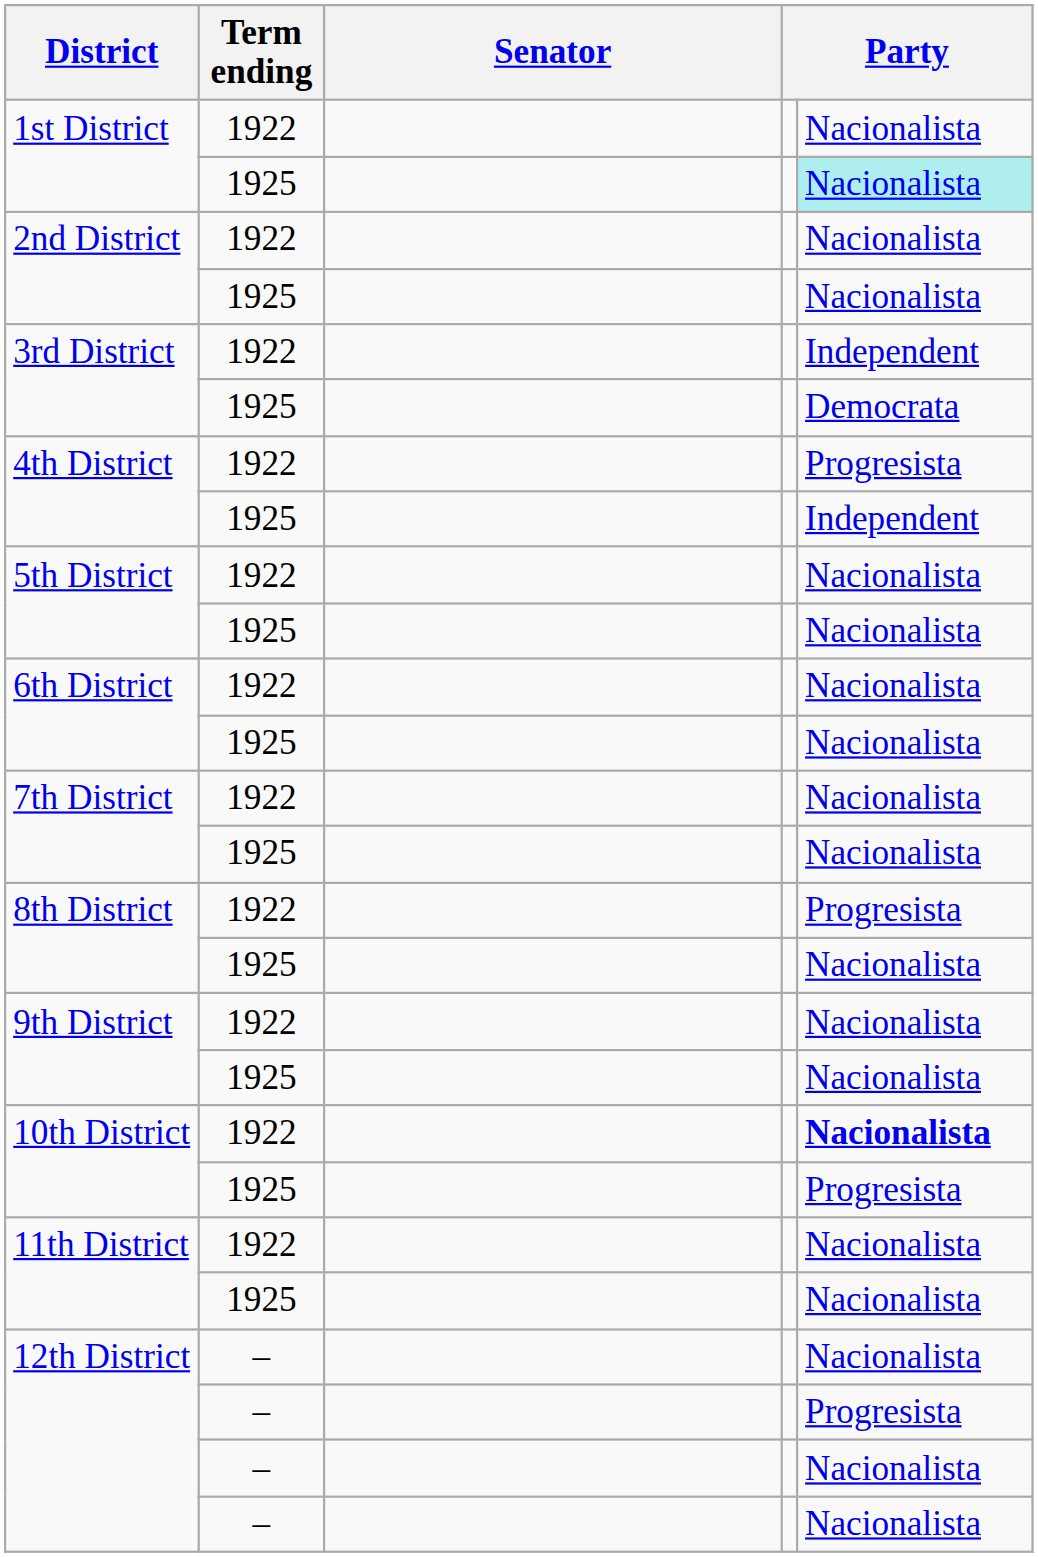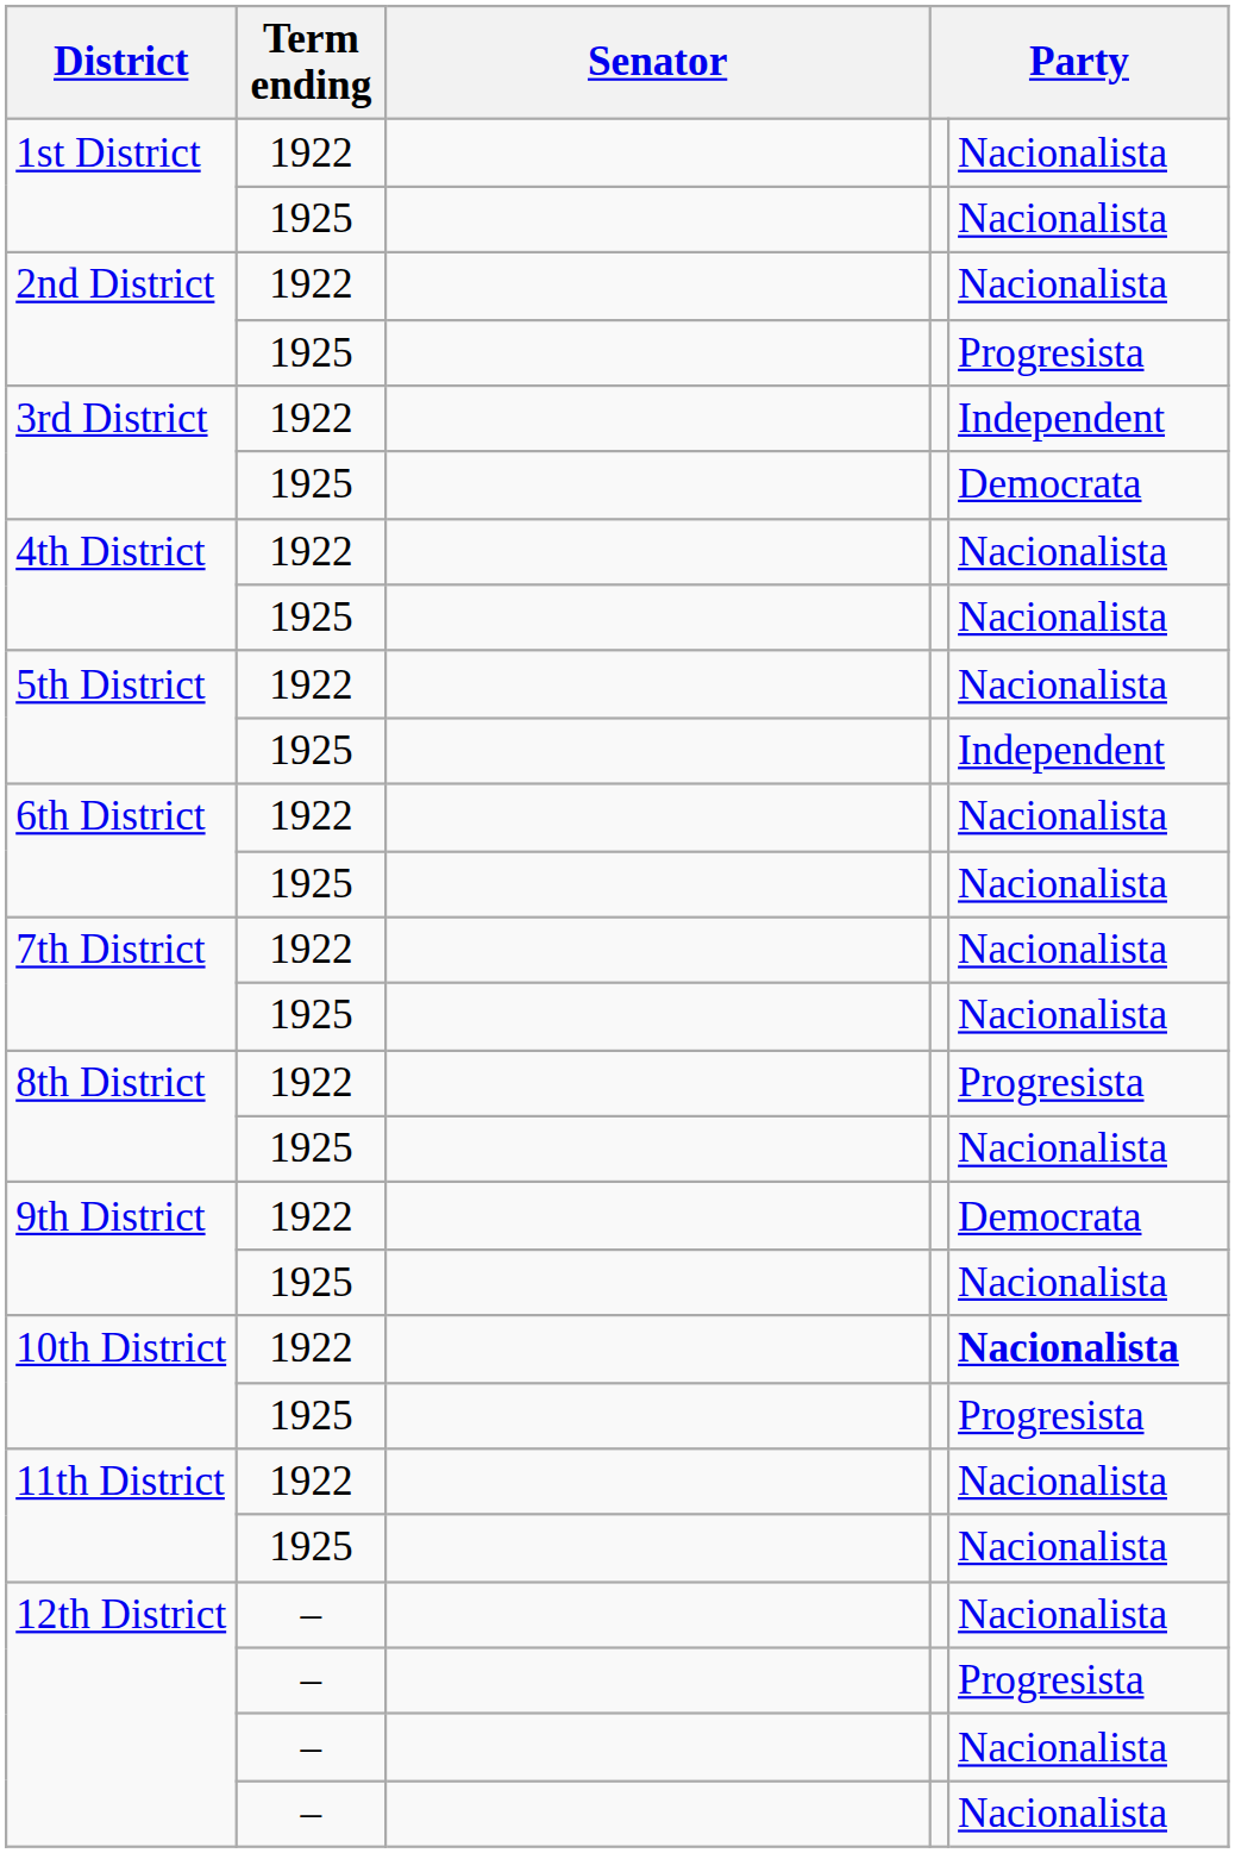 <table class="wikitable sortable">
 <tr>
 <th><a href='#'>District</a></th>
 <th width="50px">Term ending</th>
 <th width="200px"><a href='#'>Senator</a></th>
 <th colspan="2"><a href='#'>Party</a></th>
 </tr>
 <tr>
 <td rowspan="2" valign="top"><a href='#'>1st District</a></td>
 <td align="center">1922</td>
 <td></td>
 <td></td>
 <td><a href='#'>Nacionalista</a></td>
 </tr>
 <tr>
 <td align="center">1925</td>
 <td></td>
 <td></td>
-<td style="background: paleturquoise;"><a href='#'>Nacionalista</a></td>
+<td><a href='#'>Nacionalista</a></td>
 </tr>
 <tr>
 <td rowspan="2" valign="top"><a href='#'>2nd District</a></td>
 <td align="center">1922</td>
 <td></td>
 <td></td>
 <td><a href='#'>Nacionalista</a></td>
 </tr>
 <tr>
 <td align="center">1925</td>
 <td></td>
 <td></td>
-<td><a href='#'>Nacionalista</a></td>
+<td><a href='#'>Progresista</a></td>
 </tr>
 <tr>
 <td rowspan="2" valign="top"><a href='#'>3rd District</a></td>
 <td align="center">1922</td>
 <td></td>
 <td></td>
 <td><a href='#'>Independent</a></td>
 </tr>
 <tr>
 <td align="center">1925</td>
 <td></td>
 <td></td>
 <td><a href='#'>Democrata</a></td>
 </tr>
 <tr>
 <td rowspan="2" valign="top"><a href='#'>4th District</a></td>
 <td align="center">1922</td>
 <td></td>
 <td></td>
-<td width="100px"><a href='#'>Progresista</a></td>
+<td><a href='#'>Nacionalista</a></td>
 </tr>
 <tr>
 <td align="center">1925</td>
 <td></td>
 <td></td>
-<td><a href='#'>Independent</a></td>
+<td><a href='#'>Nacionalista</a></td>
 </tr>
 <tr>
 <td rowspan="2" valign="top"><a href='#'>5th District</a></td>
 <td align="center">1922</td>
 <td></td>
 <td></td>
 <td><a href='#'>Nacionalista</a></td>
 </tr>
 <tr>
 <td align="center">1925</td>
 <td></td>
 <td></td>
-<td><a href='#'>Nacionalista</a></td>
+<td><a href='#'>Independent</a></td>
 </tr>
 <tr>
 <td rowspan="2" valign="top"><a href='#'>6th District</a></td>
 <td align="center">1922</td>
 <td></td>
 <td></td>
 <td><a href='#'>Nacionalista</a></td>
 </tr>
 <tr>
 <td align="center">1925</td>
 <td></td>
 <td></td>
 <td><a href='#'>Nacionalista</a></td>
 </tr>
 <tr>
 <td rowspan="2" valign="top"><a href='#'>7th District</a></td>
 <td align="center">1922</td>
 <td></td>
 <td></td>
 <td><a href='#'>Nacionalista</a></td>
 </tr>
 <tr>
 <td align="center">1925</td>
 <td></td>
 <td></td>
 <td><a href='#'>Nacionalista</a></td>
 </tr>
 <tr>
 <td rowspan="2" valign="top"><a href='#'>8th District</a></td>
 <td align="center">1922</td>
 <td></td>
 <td></td>
 <td><a href='#'>Progresista</a></td>
 </tr>
 <tr>
 <td align="center">1925</td>
 <td></td>
 <td></td>
 <td><a href='#'>Nacionalista</a></td>
 </tr>
 <tr>
 <td rowspan="2" valign="top"><a href='#'>9th District</a></td>
 <td align="center">1922</td>
 <td></td>
 <td></td>
-<td><a href='#'>Nacionalista</a></td>
+<td><a href='#'>Democrata</a></td>
 </tr>
 <tr>
 <td align="center">1925</td>
 <td></td>
 <td></td>
 <td><a href='#'>Nacionalista</a></td>
 </tr>
 <tr>
 <td rowspan="2" valign="top"><a href='#'>10th District</a></td>
 <td align="center">1922</td>
 <td></td>
 <td></td>
 <td><strong><a href='#'>Nacionalista</a></strong></td>
 </tr>
 <tr>
 <td align="center">1925</td>
 <td></td>
 <td></td>
 <td width="100px"><a href='#'>Progresista</a></td>
 </tr>
 <tr>
 <td rowspan="2" valign="top"><a href='#'>11th District</a></td>
 <td align="center">1922</td>
 <td></td>
 <td></td>
 <td><a href='#'>Nacionalista</a></td>
 </tr>
 <tr>
 <td align="center">1925</td>
 <td></td>
 <td></td>
 <td><a href='#'>Nacionalista</a></td>
 </tr>
 <tr>
 <td rowspan="4" valign="top"><a href='#'>12th District</a></td>
 <td align="center">–</td>
 <td></td>
 <td></td>
 <td><a href='#'>Nacionalista</a></td>
 </tr>
 <tr>
 <td align="center">–</td>
 <td></td>
 <td></td>
 <td><a href='#'>Progresista</a></td>
 </tr>
 <tr>
 <td align="center">–</td>
 <td></td>
 <td></td>
 <td><a href='#'>Nacionalista</a></td>
 </tr>
 <tr>
 <td align="center">–</td>
 <td></td>
 <td></td>
 <td><a href='#'>Nacionalista</a></td>
 </tr>
 </table>
